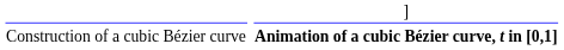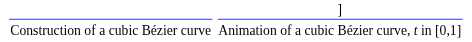 <table style="margin:1em auto; text-align:center; float:none; clear:both; font-size:95%; vertical-align:top;">
 <tr>
 <td style="border-bottom:1px solid #22f;"></td>
 <td></td>
 <td style="border-bottom:1px solid #22f;">]</td>
 </tr>
 <tr>
 <td>Construction of a cubic Bézier curve</td>
 <td></td>
-<td><strong>Animation of a cubic Bézier curve, <em>t</em> in [0,1]</strong></td>
+<td>Animation of a cubic Bézier curve, <em>t</em> in [0,1]</td>
 </tr>
 </table>
